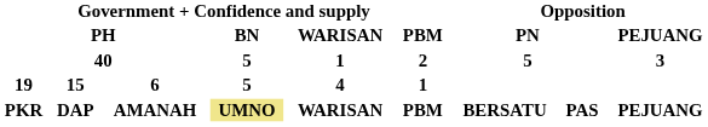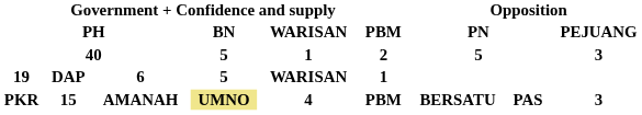 <table style="width:40em;">
 <tr style="text-align:center;">
 <td colspan="6" style="color:"><strong>Government + Confidence and supply</strong></td>
 <td colspan="3" style="color:"><strong>Opposition</strong></td>
 </tr>
 <tr style="text-align:center;">
 <td colspan="3" style="color:"><strong>PH</strong></td>
 <td colspan="1" style="color:"><strong>BN</strong></td>
 <td style="color:"><strong>WARISAN</strong></td>
 <td colspan="1" style="color:"><strong>PBM</strong></td>
 <td colspan="2" style="color:"><strong>PN</strong></td>
 <td style="color:"><strong>PEJUANG</strong></td>
 </tr>
 <tr style="text-align:center;">
 <td colspan="3" style="background:"><strong>40</strong></td>
 <td colspan="1" style="background:"><strong>5</strong></td>
 <td style="background:"><strong>1</strong></td>
 <td style="background:"><strong>2</strong></td>
 <td colspan="2" style="background:"><strong>5</strong></td>
 <td style="background:"><strong>3</strong></td>
 </tr>
 <tr style="text-align:center;">
 <td style="background:"><strong>19</strong></td>
-<td style="background:"><strong>15</strong></td>
+<td style="color:"><strong>DAP</strong></td>
 <td style="background:"><strong>6</strong></td>
 <td style="background:"><strong>5</strong></td>
-<td style="background:"><strong>4</strong></td>
+<td style="color:"><strong>WARISAN</strong></td>
 <td style="background:"><strong>1</strong></td>
 </tr>
 <tr style="text-align:center;">
 <td style="color:"><strong>PKR</strong></td>
-<td style="color:"><strong>DAP</strong></td>
+<td style="background:"><strong>15</strong></td>
 <td style="color:"><strong>AMANAH</strong></td>
 <td style="background: khaki; color:"><strong>UMNO</strong></td>
-<td style="color:"><strong>WARISAN</strong></td>
+<td style="background:"><strong>4</strong></td>
 <td style="color:"><strong>PBM</strong></td>
 <td style="color:"><strong>BERSATU</strong></td>
 <td style="color:"><strong>PAS</strong></td>
-<td style="color:"><strong>PEJUANG</strong></td>
+<td style="background:"><strong>3</strong></td>
 </tr>
 </table>
